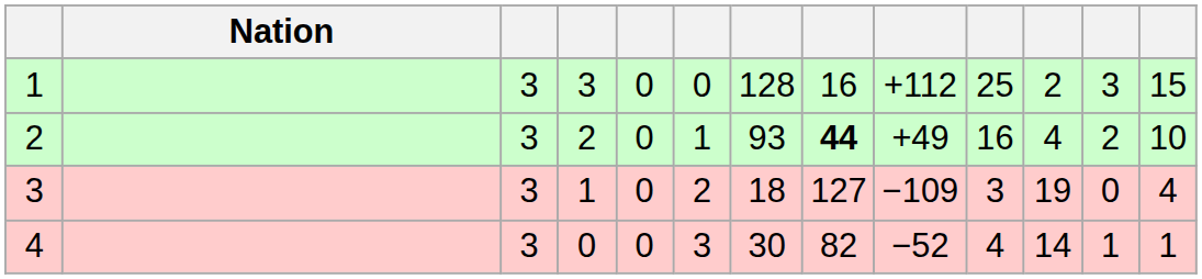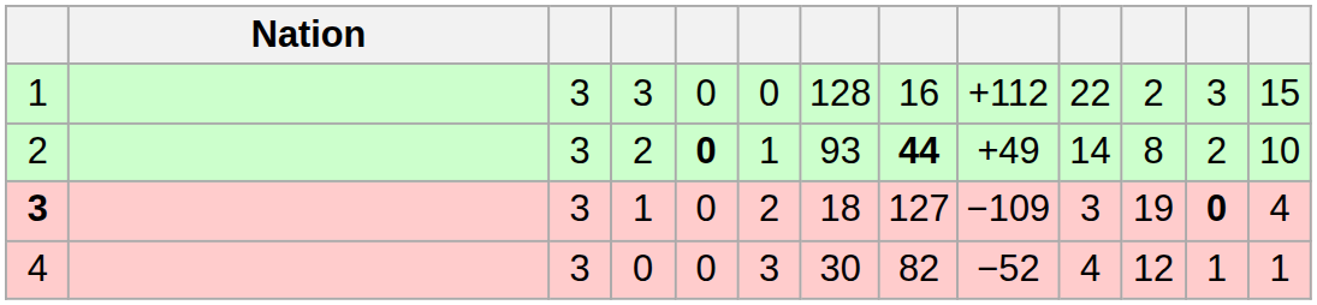 <table class="wikitable" style="text-align: center">
 <tr>
 <th style="width:20px;"></th>
 <th style="width:200px;">Nation</th>
 <th style="width:20px;"></th>
 <th style="width:20px;"></th>
 <th style="width:20px;"></th>
 <th style="width:20px;"></th>
 <th style="width:25px;"></th>
 <th style="width:25px;"></th>
 <th style="width:25px;"></th>
 <th style="width:20px;"></th>
 <th style="width:20px;"></th>
 <th style="width:20px;"></th>
 <th style="width:20px;"></th>
 </tr>
 <tr style="background:#cfc;">
 <td>1</td>
 <td align="left"></td>
 <td>3</td>
 <td>3</td>
 <td>0</td>
 <td>0</td>
 <td>128</td>
 <td>16</td>
 <td>+112</td>
-<td>25</td>
+<td>22</td>
 <td>2</td>
 <td>3</td>
 <td>15</td>
 </tr>
 <tr style="background:#cfc;">
 <td>2</td>
 <td align="left"></td>
 <td>3</td>
 <td>2</td>
-<td>0</td>
+<td><strong>0</strong></td>
 <td>1</td>
 <td>93</td>
 <td><strong>44</strong></td>
 <td>+49</td>
-<td>16</td>
-<td>4</td>
+<td>14</td>
+<td>8</td>
 <td>2</td>
 <td>10</td>
 </tr>
 <tr style="background:#fcc;">
-<td>3</td>
+<td><strong>3</strong></td>
 <td align="left"></td>
 <td>3</td>
 <td>1</td>
 <td>0</td>
 <td>2</td>
 <td>18</td>
 <td>127</td>
 <td>−109</td>
 <td>3</td>
 <td>19</td>
-<td>0</td>
+<td><strong>0</strong></td>
 <td>4</td>
 </tr>
 <tr style="background:#fcc;">
 <td>4</td>
 <td align="left"></td>
 <td>3</td>
 <td>0</td>
 <td>0</td>
 <td>3</td>
 <td>30</td>
 <td>82</td>
 <td>−52</td>
 <td>4</td>
-<td>14</td>
+<td>12</td>
 <td>1</td>
 <td>1</td>
 </tr>
 </table>
